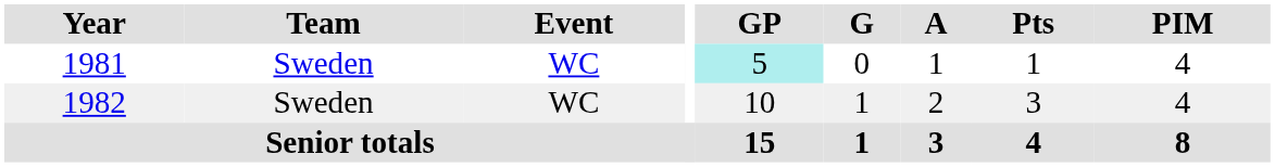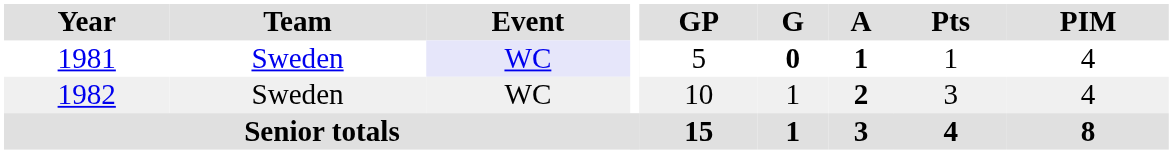 <table border="0" cellpadding="1" cellspacing="0" ID="Table3" style="text-align:center; width:40em">
 <tr bgcolor="#e0e0e0">
 <th>Year</th>
 <th>Team</th>
 <th>Event</th>
 <th rowspan="102" bgcolor="#ffffff"></th>
 <th>GP</th>
 <th>G</th>
 <th>A</th>
 <th>Pts</th>
 <th>PIM</th>
 </tr>
 <tr>
 <td><a href='#'>1981</a></td>
 <td><a href='#'>Sweden</a></td>
-<td><a href='#'>WC</a></td>
-<td style="background: paleturquoise;">5</td>
-<td>0</td>
-<td>1</td>
+<td style="background: lavender;"><a href='#'>WC</a></td>
+<td>5</td>
+<td><strong>0</strong></td>
+<td><strong>1</strong></td>
 <td>1</td>
 <td>4</td>
 </tr>
 <tr bgcolor="#f0f0f0">
 <td><a href='#'>1982</a></td>
 <td>Sweden</td>
 <td>WC</td>
 <td>10</td>
 <td>1</td>
-<td>2</td>
+<td><strong>2</strong></td>
 <td>3</td>
 <td>4</td>
 </tr>
 <tr bgcolor="#e0e0e0">
 <th colspan="4">Senior totals</th>
 <th>15</th>
 <th>1</th>
 <th>3</th>
 <th>4</th>
 <th>8</th>
 </tr>
 </table>
